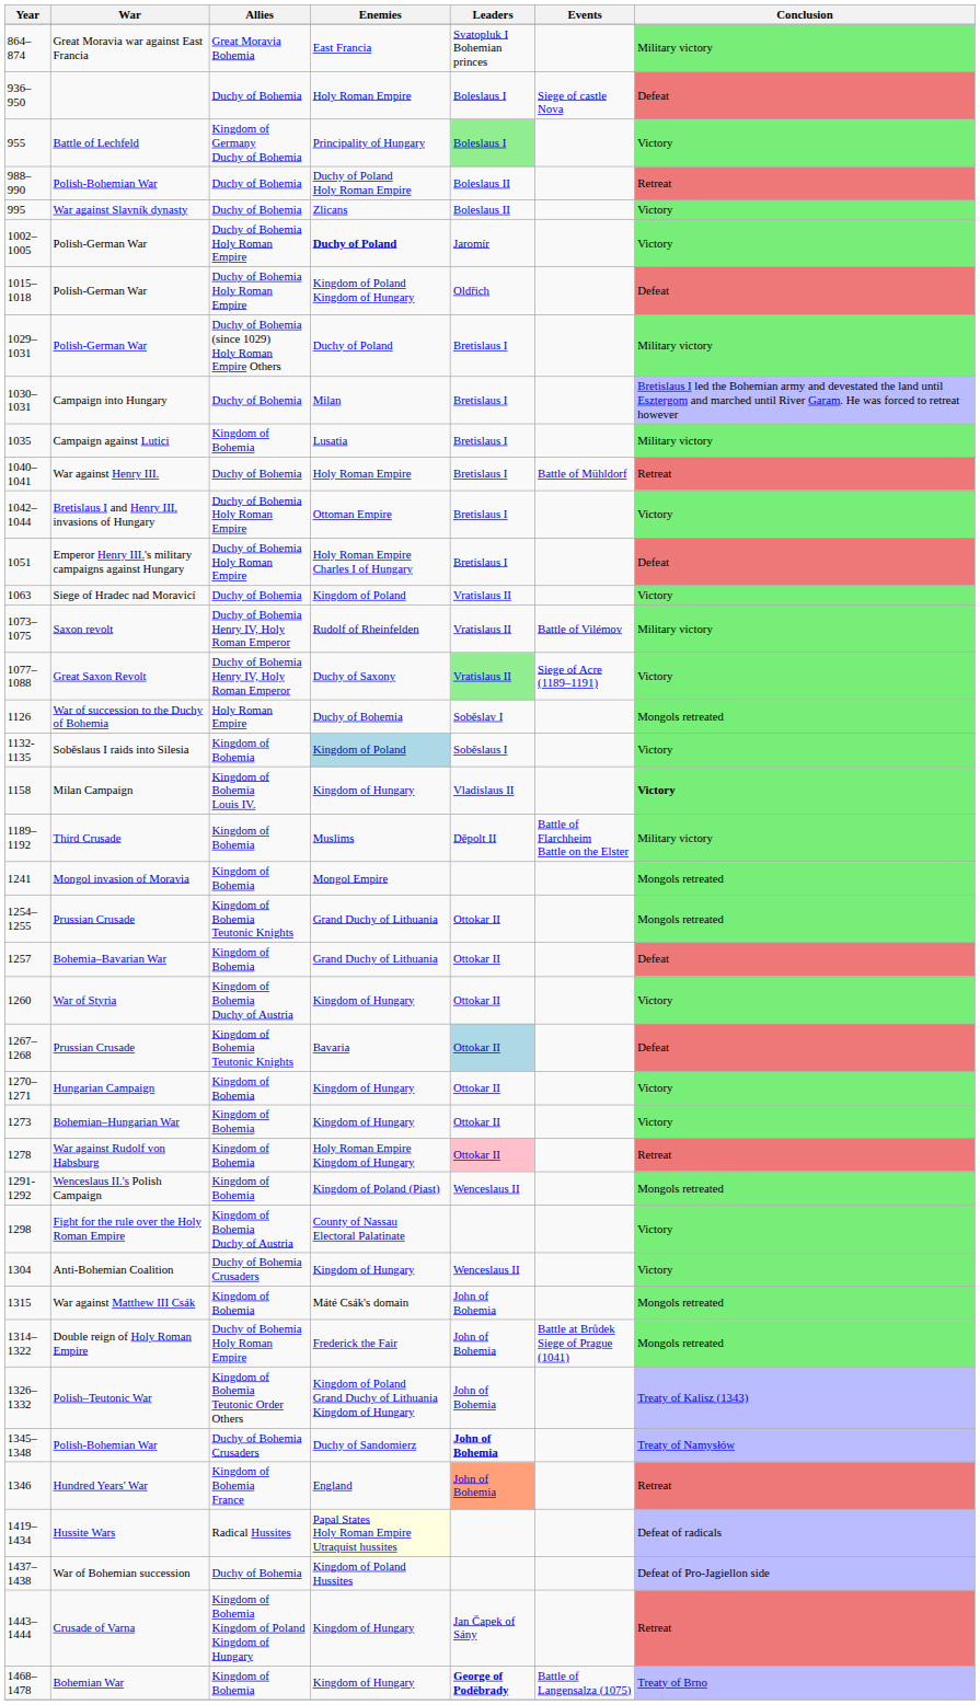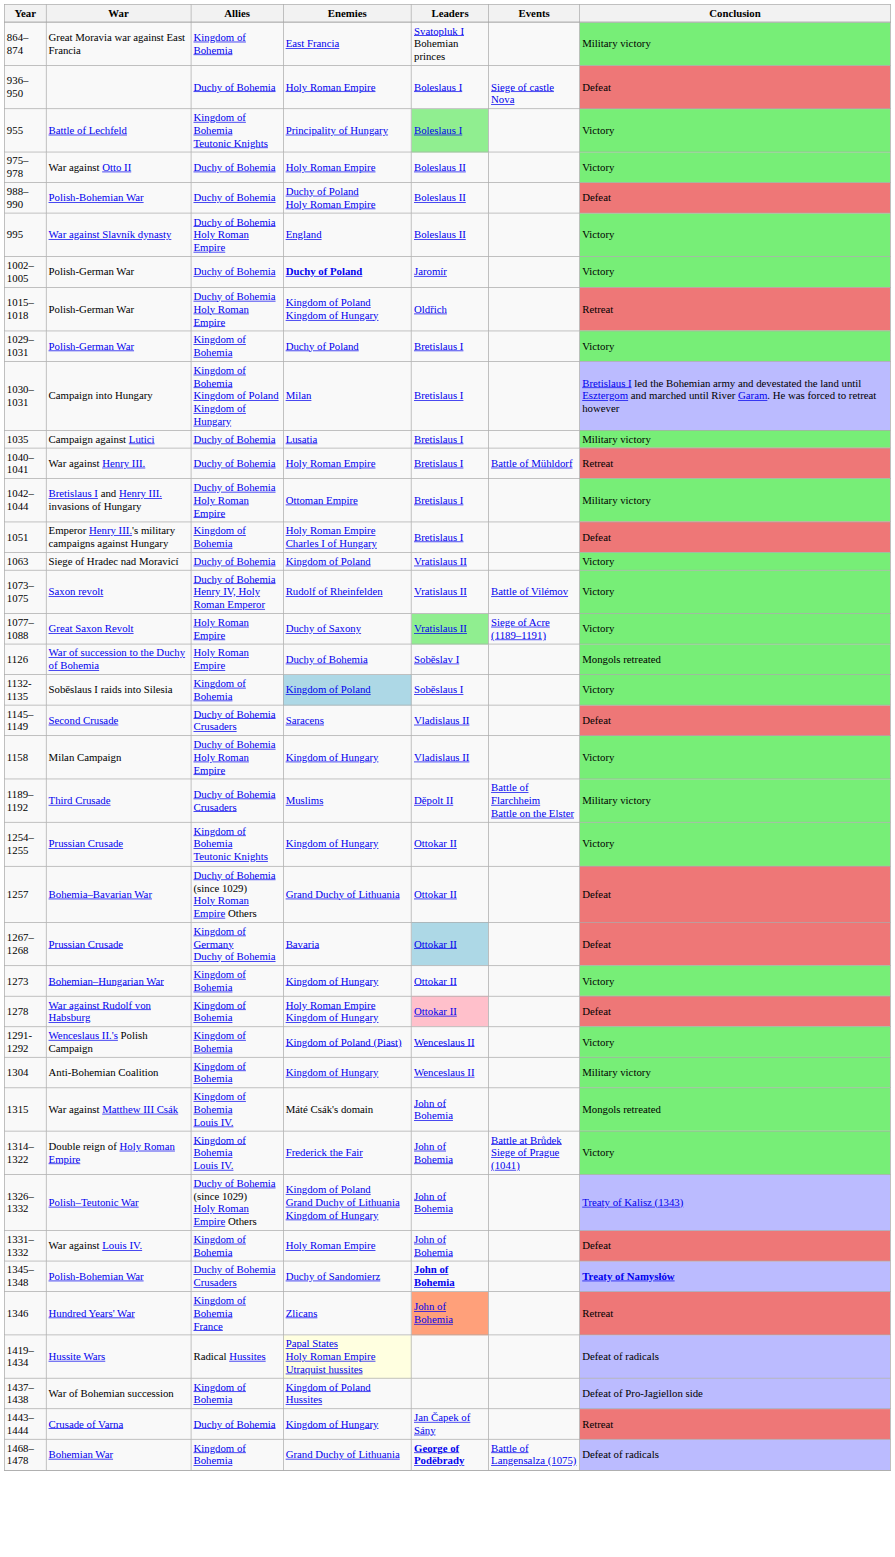 <table class="wikitable" style="font-size:95%;">
 <tr>
 <th>Year</th>
 <th>War</th>
 <th>Allies</th>
 <th>Enemies</th>
 <th>Leaders</th>
 <th>Events</th>
 <th>Conclusion</th>
 </tr>
 <tr>
 </tr>
 <tr>
 <td>864–874</td>
 <td>Great Moravia war against East Francia</td>
-<td><a href='#'>Great Moravia</a><br><a href='#'>Bohemia</a></td>
+<td><a href='#'>Kingdom of Bohemia</a></td>
 <td><a href='#'>East Francia</a></td>
 <td><a href='#'>Svatopluk I</a><br>Bohemian princes</td>
 <td></td>
 <td style="background-color:#77EE77">Military victory</td>
 </tr>
 <tr>
 <td>936–950</td>
 <td></td>
 <td><a href='#'>Duchy of Bohemia</a></td>
 <td><a href='#'>Holy Roman Empire</a></td>
 <td><a href='#'>Boleslaus I</a></td>
 <td><br><a href='#'>Siege of castle Nova</a></td>
 <td style="background-color:#EE7777">Defeat</td>
 </tr>
 <tr>
 <td>955</td>
 <td><a href='#'>Battle of Lechfeld</a></td>
-<td><a href='#'>Kingdom of Germany</a><br><a href='#'>Duchy of Bohemia</a></td>
+<td><a href='#'>Kingdom of Bohemia</a><br><a href='#'>Teutonic Knights</a></td>
 <td><a href='#'>Principality of Hungary</a></td>
 <td style="background: lightgreen;"><a href='#'>Boleslaus I</a></td>
 <td></td>
 <td style="background:#77EE77">Victory</td>
+</tr>
+<tr>
+<td>975–978</td>
+<td>War against <a href='#'>Otto II</a></td>
+<td><a href='#'>Duchy of Bohemia</a></td>
+<td><a href='#'>Holy Roman Empire</a></td>
+<td><a href='#'>Boleslaus II</a></td>
+<td></td>
+<td style="background-color:#77EE77">Victory</td>
 </tr>
 <tr>
 <td>988–990</td>
 <td><a href='#'>Polish-Bohemian War</a></td>
 <td><a href='#'>Duchy of Bohemia</a></td>
 <td><a href='#'>Duchy of Poland</a><br><a href='#'>Holy Roman Empire</a></td>
 <td><a href='#'>Boleslaus II</a></td>
 <td></td>
-<td style="background-color:#EE7777">Retreat</td>
+<td style="background-color:#EE7777">Defeat</td>
 </tr>
 <tr>
 <td>995</td>
 <td><a href='#'>War against Slavník dynasty</a></td>
-<td><a href='#'>Duchy of Bohemia</a></td>
-<td><a href='#'>Zlicans</a></td>
+<td><a href='#'>Duchy of Bohemia</a><br><a href='#'>Holy Roman Empire</a></td>
+<td><a href='#'>England</a></td>
 <td><a href='#'>Boleslaus II</a></td>
 <td></td>
 <td style="background-color:#77EE77">Victory</td>
 </tr>
 <tr>
 <td>1002–1005</td>
 <td>Polish-German War</td>
-<td><a href='#'>Duchy of Bohemia</a><br><a href='#'>Holy Roman Empire</a></td>
+<td><a href='#'>Duchy of Bohemia</a></td>
 <td><strong><a href='#'>Duchy of Poland</a></strong></td>
 <td><a href='#'>Jaromír</a></td>
 <td></td>
 <td style="background-color:#77EE77">Victory</td>
 </tr>
 <tr>
 <td>1015–1018</td>
 <td>Polish-German War</td>
 <td><a href='#'>Duchy of Bohemia</a><br><a href='#'>Holy Roman Empire</a></td>
 <td><a href='#'>Kingdom of Poland</a><br><a href='#'>Kingdom of Hungary</a></td>
 <td><a href='#'>Oldřich</a></td>
 <td></td>
-<td style="background-color:#EE7777">Defeat</td>
+<td style="background-color:#EE7777">Retreat</td>
 </tr>
 <tr>
 <td>1029–1031</td>
 <td><a href='#'>Polish-German War</a></td>
-<td><a href='#'>Duchy of Bohemia</a> (since 1029)<br><a href='#'>Holy Roman Empire</a> Others</td>
+<td><a href='#'>Kingdom of Bohemia</a></td>
 <td><a href='#'>Duchy of Poland</a></td>
 <td><a href='#'>Bretislaus I</a></td>
 <td></td>
-<td style="background-color:#77EE77">Military victory</td>
+<td style="background-color:#77EE77">Victory</td>
 </tr>
 <tr>
 <td>1030–1031</td>
 <td>Campaign into Hungary</td>
-<td><a href='#'>Duchy of Bohemia</a></td>
+<td><a href='#'>Kingdom of Bohemia</a><br><a href='#'>Kingdom of Poland</a><br><a href='#'>Kingdom of Hungary</a></td>
 <td><a href='#'>Milan</a></td>
 <td><a href='#'>Bretislaus I</a></td>
 <td></td>
 <td style="background-color:#BBF"><a href='#'>Bretislaus I</a> led the Bohemian army and devestated the land until <a href='#'>Esztergom</a> and marched until River <a href='#'>Garam</a>. He was forced to retreat however</td>
 </tr>
 <tr>
 <td>1035</td>
 <td>Campaign against <a href='#'>Lutici</a></td>
-<td><a href='#'>Kingdom of Bohemia</a></td>
+<td><a href='#'>Duchy of Bohemia</a></td>
 <td><a href='#'>Lusatia</a></td>
 <td><a href='#'>Bretislaus I</a></td>
 <td></td>
 <td style="background-color:#77EE77">Military victory</td>
 </tr>
 <tr>
 <td>1040–1041</td>
 <td>War against <a href='#'>Henry III.</a></td>
 <td><a href='#'>Duchy of Bohemia</a></td>
 <td><a href='#'>Holy Roman Empire</a></td>
 <td><a href='#'>Bretislaus I</a></td>
 <td><a href='#'>Battle of Mühldorf</a></td>
 <td style="background-color:#EE7777">Retreat</td>
 </tr>
 <tr>
 <td>1042–1044</td>
 <td><a href='#'>Bretislaus I</a> and <a href='#'>Henry III.</a> invasions of Hungary</td>
 <td><a href='#'>Duchy of Bohemia</a><br><a href='#'>Holy Roman Empire</a></td>
 <td><a href='#'>Ottoman Empire</a></td>
 <td><a href='#'>Bretislaus I</a></td>
 <td></td>
-<td style="background-color:#77EE77">Victory</td>
+<td style="background-color:#77EE77">Military victory</td>
 </tr>
 <tr>
 <td>1051</td>
 <td>Emperor <a href='#'>Henry III.</a>'s military campaigns against Hungary</td>
-<td><a href='#'>Duchy of Bohemia</a><br><a href='#'>Holy Roman Empire</a></td>
+<td><a href='#'>Kingdom of Bohemia</a></td>
 <td><a href='#'>Holy Roman Empire</a><br><a href='#'>Charles I of Hungary</a></td>
 <td><a href='#'>Bretislaus I</a></td>
 <td></td>
 <td style="background-color:#EE7777">Defeat</td>
 </tr>
 <tr>
 <td>1063</td>
 <td>Siege of Hradec nad Moravicí</td>
 <td><a href='#'>Duchy of Bohemia</a></td>
 <td><a href='#'>Kingdom of Poland</a></td>
 <td><a href='#'>Vratislaus II</a></td>
 <td></td>
 <td style="background-color:#77EE77">Victory</td>
 </tr>
 <tr>
 <td>1073–1075</td>
 <td><a href='#'>Saxon revolt</a></td>
 <td><a href='#'>Duchy of Bohemia</a><br><a href='#'>Henry IV, Holy Roman Emperor</a></td>
 <td><a href='#'>Rudolf of Rheinfelden</a></td>
 <td><a href='#'>Vratislaus II</a></td>
 <td><a href='#'>Battle of Vilémov</a></td>
-<td style="background-color:#77EE77">Military victory</td>
+<td style="background-color:#77EE77">Victory</td>
 </tr>
 <tr>
 <td>1077–1088</td>
 <td><a href='#'>Great Saxon Revolt</a></td>
-<td><a href='#'>Duchy of Bohemia</a><br><a href='#'>Henry IV, Holy Roman Emperor</a></td>
+<td><a href='#'>Holy Roman Empire</a></td>
 <td><a href='#'>Duchy of Saxony</a></td>
 <td style="background: lightgreen;"><a href='#'>Vratislaus II</a></td>
 <td><a href='#'>Siege of Acre (1189–1191)</a></td>
 <td style="background-color:#77EE77">Victory</td>
 </tr>
 <tr>
 <td>1126</td>
 <td><a href='#'>War of succession to the Duchy of Bohemia</a></td>
 <td><a href='#'>Holy Roman Empire</a></td>
 <td><a href='#'>Duchy of Bohemia</a></td>
 <td><a href='#'>Soběslav I</a></td>
 <td></td>
 <td style="background-color:#77EE77">Mongols retreated</td>
 </tr>
 <tr>
 <td>1132-1135</td>
 <td>Soběslaus I raids into Silesia</td>
 <td><a href='#'>Kingdom of Bohemia</a></td>
 <td style="background: lightblue;"><a href='#'>Kingdom of Poland</a></td>
 <td><a href='#'>Soběslaus I</a></td>
 <td></td>
 <td style="background-color:#77EE77">Victory</td>
 </tr>
 <tr>
+<td>1145–1149</td>
+<td><a href='#'>Second Crusade</a></td>
+<td><a href='#'>Duchy of Bohemia</a><br><a href='#'>Crusaders</a></td>
+<td><a href='#'>Saracens</a></td>
+<td><a href='#'>Vladislaus II</a></td>
+<td></td>
+<td style="background-color:#EE7777">Defeat</td>
+</tr>
+<tr>
 <td>1158</td>
 <td>Milan Campaign</td>
-<td><a href='#'>Kingdom of Bohemia</a><br><a href='#'>Louis IV.</a></td>
+<td><a href='#'>Duchy of Bohemia</a><br><a href='#'>Holy Roman Empire</a></td>
 <td><a href='#'>Kingdom of Hungary</a></td>
 <td><a href='#'>Vladislaus II</a></td>
 <td></td>
-<td style="background-color:#77EE77"><strong>Victory</strong></td>
+<td style="background-color:#77EE77">Victory</td>
 </tr>
 <tr>
 <td>1189–1192</td>
 <td><a href='#'>Third Crusade</a></td>
-<td><a href='#'>Kingdom of Bohemia</a></td>
+<td><a href='#'>Duchy of Bohemia</a><br><a href='#'>Crusaders</a></td>
 <td><a href='#'>Muslims</a></td>
 <td><a href='#'>Děpolt II</a></td>
 <td><a href='#'>Battle of Flarchheim</a><br><a href='#'>Battle on the Elster</a></td>
 <td style="background-color:#77EE77">Military victory</td>
 </tr>
 <tr>
-<td>1241</td>
-<td><a href='#'>Mongol invasion of Moravia</a></td>
-<td><a href='#'>Kingdom of Bohemia</a></td>
-<td><a href='#'>Mongol Empire</a></td>
-<td></td>
-<td></td>
-<td style="background-color:#77EE77">Mongols retreated</td>
-</tr>
-<tr>
 <td>1254–1255</td>
 <td><a href='#'>Prussian Crusade</a></td>
 <td><a href='#'>Kingdom of Bohemia</a><br><a href='#'>Teutonic Knights</a></td>
-<td><a href='#'>Grand Duchy of Lithuania</a></td>
+<td><a href='#'>Kingdom of Hungary</a></td>
 <td><a href='#'>Ottokar II</a></td>
 <td></td>
-<td style="background-color:#77EE77">Mongols retreated</td>
+<td style="background-color:#77EE77">Victory</td>
 </tr>
 <tr>
 <td>1257</td>
 <td><a href='#'>Bohemia–Bavarian War</a></td>
-<td><a href='#'>Kingdom of Bohemia</a></td>
+<td><a href='#'>Duchy of Bohemia</a> (since 1029)<br><a href='#'>Holy Roman Empire</a> Others</td>
 <td><a href='#'>Grand Duchy of Lithuania</a></td>
 <td><a href='#'>Ottokar II</a></td>
 <td></td>
 <td style="background-color:#EE7777">Defeat</td>
 </tr>
 <tr>
-<td>1260</td>
-<td><a href='#'>War of Styria</a></td>
-<td><a href='#'>Kingdom of Bohemia</a><br><a href='#'>Duchy of Austria</a></td>
-<td><a href='#'>Kingdom of Hungary</a></td>
-<td><a href='#'>Ottokar II</a></td>
-<td></td>
-<td style="background-color:#77EE77">Victory</td>
-</tr>
-<tr>
 <td>1267–1268</td>
 <td><a href='#'>Prussian Crusade</a></td>
-<td><a href='#'>Kingdom of Bohemia</a><br><a href='#'>Teutonic Knights</a></td>
+<td><a href='#'>Kingdom of Germany</a><br><a href='#'>Duchy of Bohemia</a></td>
 <td><a href='#'>Bavaria</a></td>
 <td style="background: lightblue;"><a href='#'>Ottokar II</a></td>
 <td></td>
 <td style="background-color:#EE7777">Defeat</td>
-</tr>
-<tr>
-<td>1270–1271</td>
-<td><a href='#'>Hungarian Campaign</a></td>
-<td><a href='#'>Kingdom of Bohemia</a></td>
-<td><a href='#'>Kingdom of Hungary</a></td>
-<td><a href='#'>Ottokar II</a></td>
-<td></td>
-<td style="background-color:#77EE77">Victory</td>
 </tr>
 <tr>
 <td>1273</td>
 <td><a href='#'>Bohemian–Hungarian War</a></td>
 <td><a href='#'>Kingdom of Bohemia</a></td>
 <td><a href='#'>Kingdom of Hungary</a></td>
 <td><a href='#'>Ottokar II</a></td>
 <td></td>
 <td style="background-color:#77EE77">Victory</td>
 </tr>
 <tr>
 <td>1278</td>
 <td><a href='#'>War against Rudolf von Habsburg</a></td>
 <td><a href='#'>Kingdom of Bohemia</a></td>
 <td><a href='#'>Holy Roman Empire</a><br><a href='#'>Kingdom of Hungary</a></td>
 <td style="background: pink;"><a href='#'>Ottokar II</a></td>
 <td></td>
-<td style="background-color:#EE7777">Retreat</td>
+<td style="background-color:#EE7777">Defeat</td>
 </tr>
 <tr>
 <td>1291-1292</td>
 <td><a href='#'>Wenceslaus II.'s</a> Polish Campaign</td>
 <td><a href='#'>Kingdom of Bohemia</a></td>
 <td><a href='#'>Kingdom of Poland (Piast)</a></td>
 <td><a href='#'>Wenceslaus II</a></td>
 <td></td>
-<td style="background-color:#77EE77">Mongols retreated</td>
-</tr>
-<tr>
-<td>1298</td>
-<td><a href='#'>Fight for the rule over the Holy Roman Empire</a></td>
-<td><a href='#'>Kingdom of Bohemia</a><br><a href='#'>Duchy of Austria</a></td>
-<td><a href='#'>County of Nassau</a><br><a href='#'>Electoral Palatinate</a></td>
-<td></td>
-<td></td>
 <td style="background-color:#77EE77">Victory</td>
 </tr>
 <tr>
 <td>1304</td>
 <td>Anti-Bohemian Coalition</td>
-<td><a href='#'>Duchy of Bohemia</a><br><a href='#'>Crusaders</a></td>
+<td><a href='#'>Kingdom of Bohemia</a></td>
 <td><a href='#'>Kingdom of Hungary</a></td>
 <td><a href='#'>Wenceslaus II</a></td>
 <td></td>
-<td style="background-color:#77EE77">Victory</td>
+<td style="background-color:#77EE77">Military victory</td>
 </tr>
 <tr>
 <td>1315</td>
 <td>War against <a href='#'>Matthew III Csák</a></td>
-<td><a href='#'>Kingdom of Bohemia</a></td>
+<td><a href='#'>Kingdom of Bohemia</a><br><a href='#'>Louis IV.</a></td>
 <td>Máté Csák's domain</td>
 <td><a href='#'>John of Bohemia</a></td>
 <td></td>
 <td style="background-color:#77EE77">Mongols retreated</td>
 </tr>
 <tr>
 <td>1314–1322</td>
 <td>Double reign of <a href='#'>Holy Roman Empire</a></td>
-<td><a href='#'>Duchy of Bohemia</a><br><a href='#'>Holy Roman Empire</a></td>
+<td><a href='#'>Kingdom of Bohemia</a><br><a href='#'>Louis IV.</a></td>
 <td><a href='#'>Frederick the Fair</a></td>
 <td><a href='#'>John of Bohemia</a></td>
 <td><a href='#'>Battle at Brůdek</a><br><a href='#'>Siege of Prague (1041)</a></td>
-<td style="background-color:#77EE77">Mongols retreated</td>
+<td style="background-color:#77EE77">Victory</td>
 </tr>
 <tr>
 <td>1326–1332</td>
 <td><a href='#'>Polish–Teutonic War</a></td>
-<td><a href='#'>Kingdom of Bohemia</a><br><a href='#'>Teutonic Order</a> Others</td>
+<td><a href='#'>Duchy of Bohemia</a> (since 1029)<br><a href='#'>Holy Roman Empire</a> Others</td>
 <td><a href='#'>Kingdom of Poland</a><br><a href='#'>Grand Duchy of Lithuania</a> <a href='#'>Kingdom of Hungary</a></td>
 <td><a href='#'>John of Bohemia</a></td>
 <td></td>
 <td style="background-color:#BBF"><a href='#'>Treaty of Kalisz (1343)</a></td>
+</tr>
+<tr>
+<td>1331–1332</td>
+<td>War against <a href='#'>Louis IV.</a></td>
+<td><a href='#'>Kingdom of Bohemia</a></td>
+<td><a href='#'>Holy Roman Empire</a></td>
+<td><a href='#'>John of Bohemia</a></td>
+<td></td>
+<td style="background-color:#EE7777">Defeat</td>
 </tr>
 <tr>
 <td>1345–1348</td>
 <td><a href='#'>Polish-Bohemian War</a></td>
 <td><a href='#'>Duchy of Bohemia</a><br><a href='#'>Crusaders</a></td>
 <td><a href='#'>Duchy of Sandomierz</a></td>
 <td><strong><a href='#'>John of Bohemia</a></strong></td>
 <td></td>
-<td style="background-color:#BBF"><a href='#'>Treaty of Namysłów</a></td>
+<td style="background-color:#BBF"><strong><a href='#'>Treaty of Namysłów</a></strong></td>
 </tr>
 <tr>
 <td>1346</td>
 <td><a href='#'>Hundred Years' War</a></td>
 <td><a href='#'>Kingdom of Bohemia</a><br><a href='#'>France</a></td>
-<td><a href='#'>England</a></td>
+<td><a href='#'>Zlicans</a></td>
 <td style="background: lightsalmon;"><a href='#'>John of Bohemia</a></td>
 <td></td>
 <td style="background-color:#EE7777">Retreat</td>
 </tr>
 <tr>
 <td>1419–1434</td>
 <td><a href='#'>Hussite Wars</a></td>
 <td>Radical <a href='#'>Hussites</a></td>
 <td style="background: lightyellow;"><a href='#'>Papal States</a><br><a href='#'>Holy Roman Empire</a><br><a href='#'>Utraquist hussites</a></td>
 <td></td>
 <td></td>
 <td style="background:#BBF">Defeat of radicals</td>
 </tr>
 <tr>
 <td>1437–1438</td>
 <td>War of Bohemian succession</td>
-<td><a href='#'>Duchy of Bohemia</a></td>
+<td><a href='#'>Kingdom of Bohemia</a></td>
 <td><a href='#'>Kingdom of Poland</a><br><a href='#'>Hussites</a></td>
 <td></td>
 <td></td>
 <td style="background-color: #BBF">Defeat of Pro-Jagiellon side</td>
 </tr>
 <tr>
 <td>1443–1444</td>
 <td><a href='#'>Crusade of Varna</a></td>
-<td><a href='#'>Kingdom of Bohemia</a><br><a href='#'>Kingdom of Poland</a><br><a href='#'>Kingdom of Hungary</a></td>
+<td><a href='#'>Duchy of Bohemia</a></td>
 <td><a href='#'>Kingdom of Hungary</a></td>
 <td><a href='#'>Jan Čapek of Sány</a></td>
 <td></td>
 <td style="background-color:#EE7777">Retreat</td>
 </tr>
 <tr>
 <td>1468–1478</td>
 <td><a href='#'>Bohemian War</a></td>
 <td><a href='#'>Kingdom of Bohemia</a></td>
-<td><a href='#'>Kingdom of Hungary</a></td>
+<td><a href='#'>Grand Duchy of Lithuania</a></td>
 <td><strong><a href='#'>George of Poděbrady</a></strong></td>
 <td><a href='#'>Battle of Langensalza (1075)</a></td>
-<td style="background:#BBF"><a href='#'>Treaty of Brno</a></td>
+<td style="background:#BBF">Defeat of radicals</td>
 </tr>
 <tr>
 </tr>
 </table>
